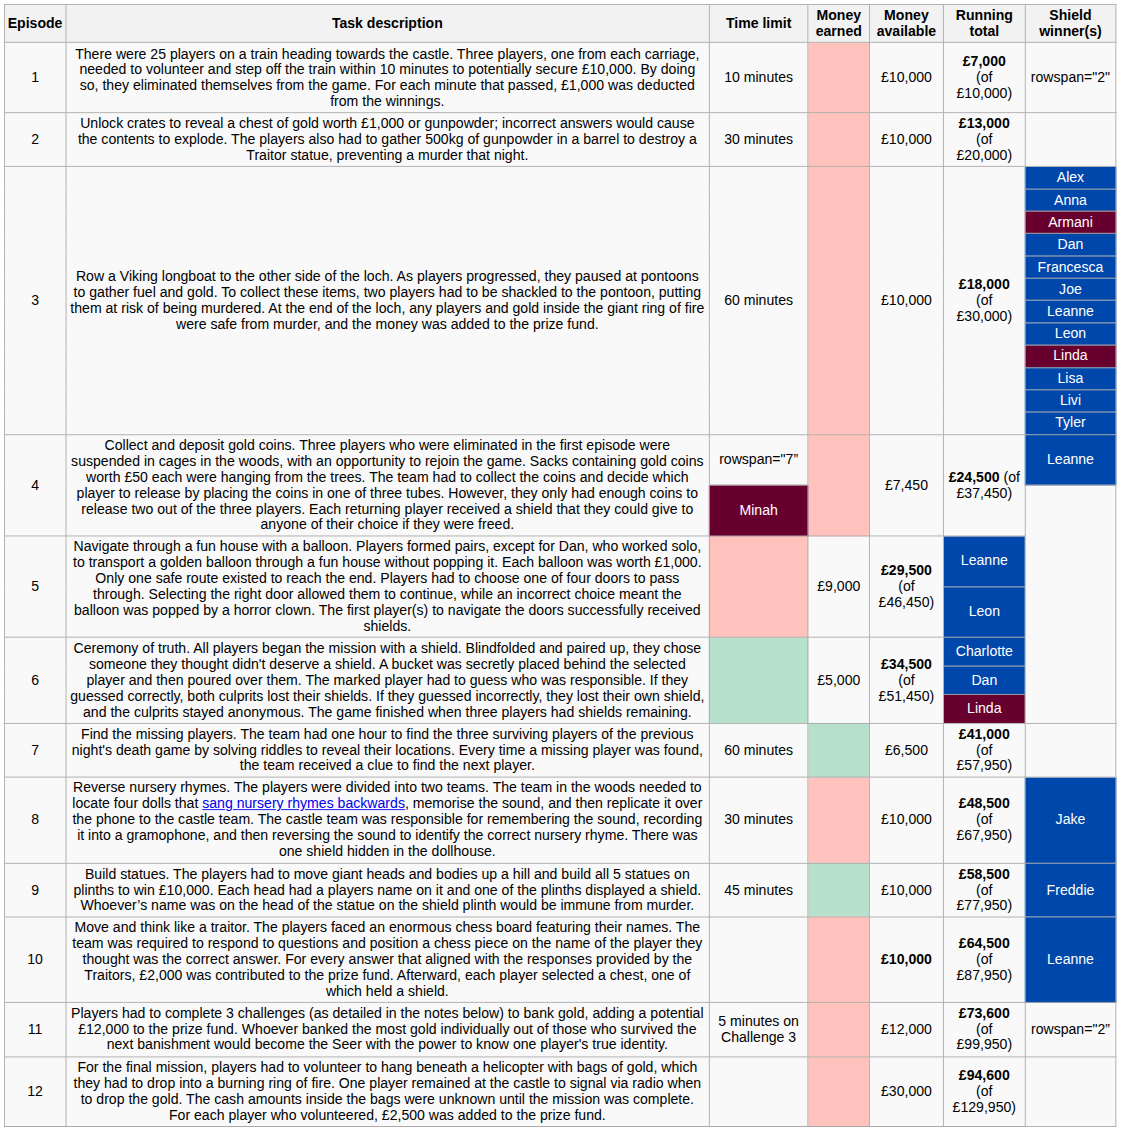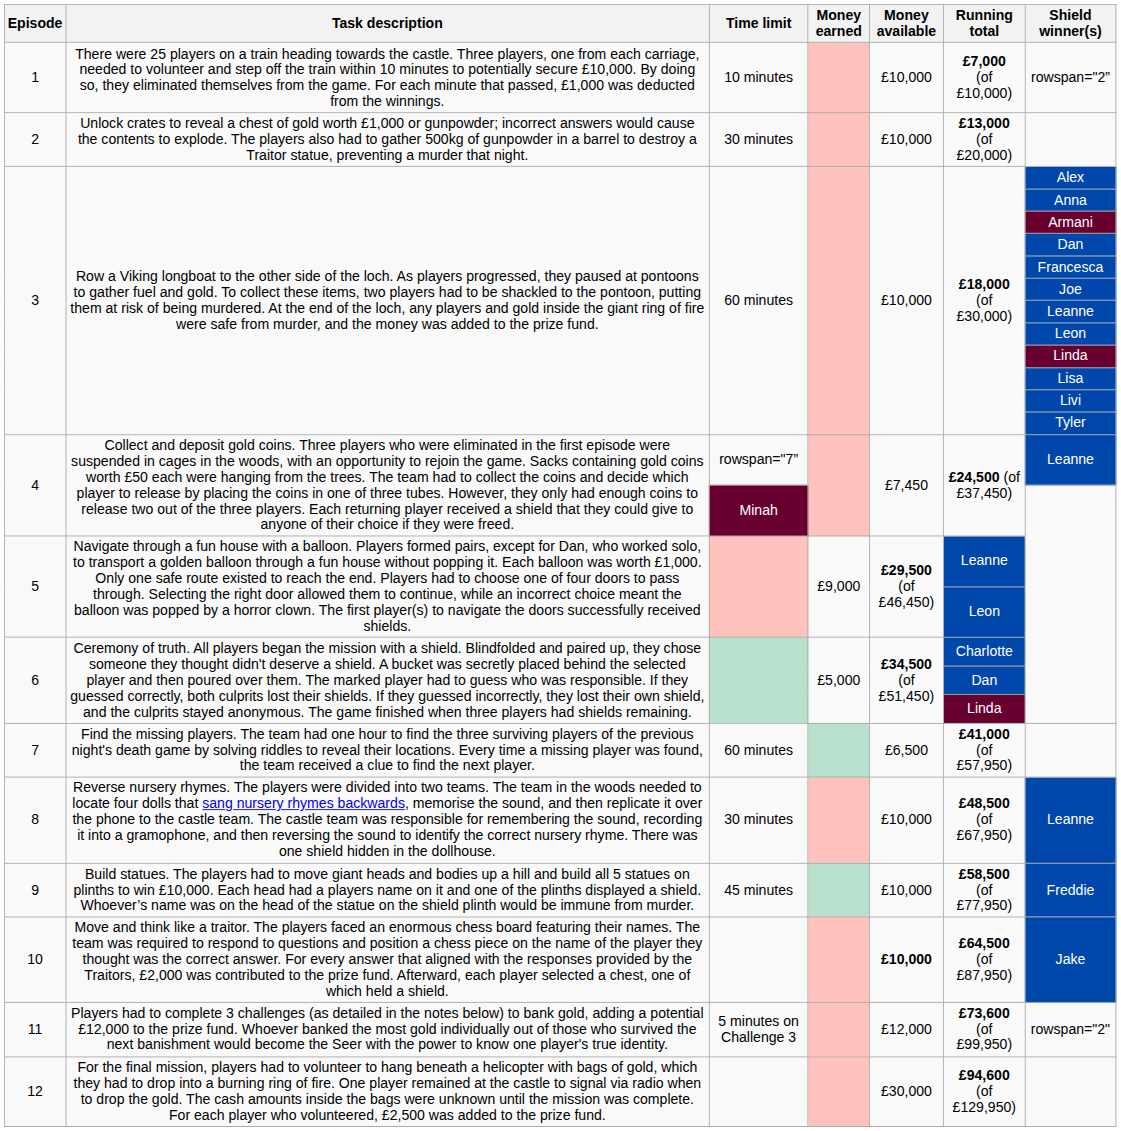 <table class="wikitable" style="margin:auto; text-align:center">
 <tr>
 <th>Episode</th>
 <th>Task description</th>
 <th>Time limit</th>
 <th>Money earned</th>
 <th>Money available</th>
 <th>Running total</th>
 <th>Shield winner(s)</th>
 </tr>
 <tr>
 <td>1</td>
 <td>There were 25 players on a train heading towards the castle. Three players, one from each carriage, needed to volunteer and step off the train within 10 minutes to potentially secure £10,000. By doing so, they eliminated themselves from the game. For each minute that passed, £1,000 was deducted from the winnings.</td>
 <td>10 minutes</td>
 <td style="background:#FFC2BD" align="center"></td>
 <td>£10,000</td>
 <td><strong>£7,000</strong><br>(of £10,000)</td>
-<td>rowspan="2" </td>
+<td>rowspan="2”</td>
 </tr>
 <tr>
 <td>2</td>
 <td>Unlock crates to reveal a chest of gold worth £1,000 or gunpowder; incorrect answers would cause the contents to explode. The players also had to gather 500kg of gunpowder in a barrel to destroy a Traitor statue, preventing a murder that night.</td>
 <td>30 minutes</td>
 <td style="background:#FFC2BD" align="center"></td>
 <td>£10,000</td>
 <td><strong>£13,000</strong><br>(of £20,000)</td>
 </tr>
 <tr>
 <td rowspan="12”">3</td>
 <td rowspan="12”">Row a Viking longboat to the other side of the loch. As players progressed, they paused at pontoons to gather fuel and gold. To collect these items, two players had to be shackled to the pontoon, putting them at risk of being murdered. At the end of the loch, any players and gold inside the giant ring of fire were safe from murder, and the money was added to the prize fund.</td>
 <td rowspan="12”">60 minutes</td>
 <td style="background:#FFC2BD" align="center" rowspan="12”"></td>
 <td rowspan="12”">£10,000</td>
 <td rowspan="12”"><strong>£18,000</strong><br>(of £30,000)</td>
 <td bgcolor="#0047AB" span style="color:#FFFFFF">Alex</td>
 </tr>
 <tr>
 <td bgcolor="#0047AB" span style="color:#FFFFFF">Anna</td>
 </tr>
 <tr>
 <td bgcolor="#67002F" span style="color:#FFFFFF">Armani</td>
 </tr>
 <tr>
 <td bgcolor="#0047AB" span style="color:#FFFFFF">Dan</td>
 </tr>
 <tr>
 <td bgcolor="#0047AB" span style="color:#FFFFFF">Francesca</td>
 </tr>
 <tr>
 <td bgcolor="#0047AB" span style="color:#FFFFFF">Joe</td>
 </tr>
 <tr>
 <td bgcolor="#0047AB" span style="color:#FFFFFF">Leanne</td>
 </tr>
 <tr>
 <td bgcolor="#0047AB" span style="color:#FFFFFF">Leon</td>
 </tr>
 <tr>
 <td bgcolor="#67002F" span style="color:#FFFFFF">Linda</td>
 </tr>
 <tr>
 <td bgcolor="#0047AB" span style="color:#FFFFFF">Lisa</td>
 </tr>
 <tr>
 <td bgcolor="#0047AB" span style="color:#FFFFFF">Livi</td>
 </tr>
 <tr>
 <td bgcolor="#0047AB" span style="color:#FFFFFF">Tyler</td>
 </tr>
 <tr>
 <td rowspan="2”">4</td>
 <td rowspan="2”">Collect and deposit gold coins. Three players who were eliminated in the first episode were suspended in cages in the woods, with an opportunity to rejoin the game. Sacks containing gold coins worth £50 each were hanging from the trees. The team had to collect the coins and decide which player to release by placing the coins in one of three tubes. However, they only had enough coins to release two out of the three players. Each returning player received a shield that they could give to anyone of their choice if they were freed.</td>
 <td>rowspan="7” </td>
 <td style="background:#FFC2BD" align="center" rowspan="2”"></td>
 <td rowspan="2”">£7,450</td>
 <td rowspan="2”"><strong>£24,500</strong> (of £37,450)</td>
 <td bgcolor="#0047AB" span style="color:#FFFFFF">Leanne</td>
 </tr>
 <tr>
 <td bgcolor="#67002F" span style="color:#FFFFFF">Minah</td>
 </tr>
 <tr>
 <td rowspan="2”">5</td>
 <td rowspan="2”">Navigate through a fun house with a balloon. Players formed pairs, except for Dan, who worked solo, to transport a golden balloon through a fun house without popping it. Each balloon was worth £1,000. Only one safe route existed to reach the end. Players had to choose one of four doors to pass through. Selecting the right door allowed them to continue, while an incorrect choice meant the balloon was popped by a horror clown. The first player(s) to navigate the doors successfully received shields.</td>
 <td style="background:#FFC2BD" align="center" rowspan="2”"></td>
 <td rowspan="2”">£9,000</td>
 <td rowspan="2”"><strong>£29,500</strong><br>(of £46,450)</td>
 <td bgcolor="#0047AB" span style="color:#FFFFFF">Leanne</td>
 </tr>
 <tr>
 <td bgcolor="#0047AB" span style="color:#FFFFFF">Leon</td>
 </tr>
 <tr>
 <td rowspan="3”">6</td>
 <td rowspan="3”">Ceremony of truth. All players began the mission with a shield. Blindfolded and paired up, they chose someone they thought didn't deserve a shield. A bucket was secretly placed behind the selected player and then poured over them. The marked player had to guess who was responsible. If they guessed correctly, both culprits lost their shields. If they guessed incorrectly, they lost their own shield, and the culprits stayed anonymous. The game finished when three players had shields remaining.</td>
 <td style="background:#B7E1CD" align="center" rowspan="3”"></td>
 <td rowspan="3”">£5,000</td>
 <td rowspan="3”"><strong>£34,500</strong><br> (of £51,450)</td>
 <td bgcolor="#0047AB" span style="color:#FFFFFF">Charlotte</td>
 </tr>
 <tr>
 <td bgcolor="#0047AB" span style="color:#FFFFFF">Dan</td>
 </tr>
 <tr>
 <td bgcolor="#67002F" span style="color:#FFFFFF">Linda</td>
 </tr>
 <tr>
 <td>7</td>
 <td>Find the missing players. The team had one hour to find the three surviving players of the previous night's death game by solving riddles to reveal their locations. Every time a missing player was found, the team received a clue to find the next player.</td>
 <td>60 minutes</td>
 <td style="background:#B7E1CD" align="center"></td>
 <td>£6,500</td>
 <td><strong>£41,000</strong><br>(of £57,950)</td>
 <td></td>
 </tr>
 <tr>
 <td>8</td>
 <td>Reverse nursery rhymes. The players were divided into two teams. The team in the woods needed to locate four dolls that <a href='#'>sang nursery rhymes backwards</a>, memorise the sound, and then replicate it over the phone to the castle team. The castle team was responsible for remembering the sound, recording it into a gramophone, and then reversing the sound to identify the correct nursery rhyme. There was one shield hidden in the dollhouse.</td>
 <td>30 minutes</td>
 <td style="background:#FFC2BD" align="center"></td>
 <td>£10,000</td>
 <td><strong>£48,500</strong><br>(of £67,950)</td>
-<td bgcolor="#0047AB" span style="color:#FFFFFF">Jake</td>
+<td bgcolor="#0047AB" span style="color:#FFFFFF">Leanne</td>
 </tr>
 <tr>
 <td>9</td>
 <td>Build statues. The players had to move giant heads and bodies up a hill and build all 5 statues on plinths to win £10,000. Each head had a players name on it and one of the plinths displayed a shield. Whoever’s name was on the head of the statue on the shield plinth would be immune from murder.</td>
 <td>45 minutes</td>
 <td style="background:#B7E1CD" align="center"></td>
 <td>£10,000</td>
 <td><strong>£58,500</strong><br>(of £77,950)</td>
 <td bgcolor="#0047AB" span style="color:#FFFFFF">Freddie</td>
 </tr>
 <tr>
 <td>10</td>
 <td>Move and think like a traitor. The players faced an enormous chess board featuring their names. The team was required to respond to questions and position a chess piece on the name of the player they thought was the correct answer. For every answer that aligned with the responses provided by the Traitors, £2,000 was contributed to the prize fund. Afterward, each player selected a chest, one of which held a shield.</td>
 <td></td>
 <td style="background:#FFC2BD" align="center"></td>
 <td><strong>£10,000</strong></td>
 <td><strong>£64,500</strong><br>(of £87,950)</td>
-<td bgcolor="#0047AB" span style="color:#FFFFFF">Leanne</td>
+<td bgcolor="#0047AB" span style="color:#FFFFFF">Jake</td>
 </tr>
 <tr>
 <td>11</td>
 <td>Players had to complete 3 challenges (as detailed in the notes below) to bank gold, adding a potential £12,000 to the prize fund. Whoever banked the most gold individually out of those who survived the next banishment would become the Seer with the power to know one player's true identity.</td>
 <td>5 minutes on Challenge 3</td>
 <td style="background:#FFC2BD" align="center"></td>
 <td>£12,000</td>
 <td><strong>£73,600</strong><br>(of £99,950)</td>
-<td>rowspan="2”</td>
+<td>rowspan="2" </td>
 </tr>
 <tr>
 <td>12</td>
 <td>For the final mission, players had to volunteer to hang beneath a helicopter with bags of gold, which they had to drop into a burning ring of fire. One player remained at the castle to signal via radio when to drop the gold. The cash amounts inside the bags were unknown until the mission was complete. For each player who volunteered, £2,500 was added to the prize fund.</td>
 <td></td>
 <td style="background:#FFC2BD" align="center"></td>
 <td>£30,000</td>
 <td><strong>£94,600</strong><br>(of £129,950)</td>
 </tr>
 <tr>
 </tr>
 </table>
